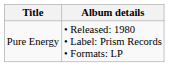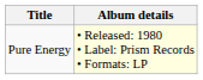 <table class="wikitable">
 <tr>
 <th>Title</th>
 <th>Album details</th>
 </tr>
 <tr>
 <td>Pure Energy</td>
-<td>• Released: 1980<br>• Label: Prism Records<br>• Formats: LP</td>
+<td style="background: lightyellow;">• Released: 1980<br>• Label: Prism Records<br>• Formats: LP</td>
 </tr>
 </table>
